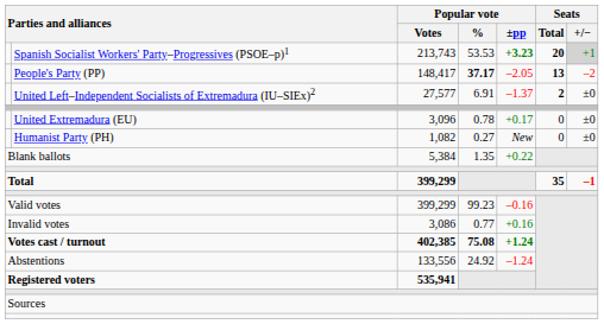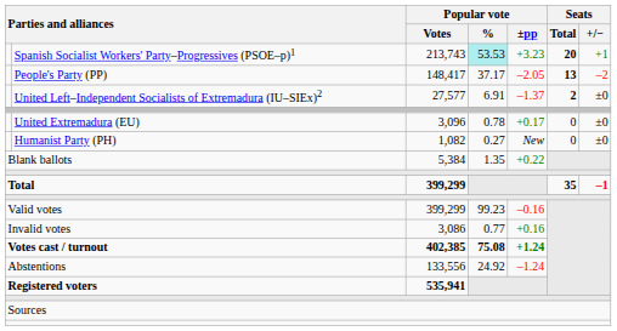 <table class="wikitable" style="text-align:right;">
 <tr>
 <th style="text-align:left;" rowspan="2" colspan="2" width="525">Parties and alliances</th>
 <th colspan="3">Popular vote</th>
 <th colspan="2">Seats</th>
 </tr>
 <tr>
 <th width="75">Votes</th>
 <th width="45">%</th>
 <th width="45">±<a href='#'>pp</a></th>
 <th width="35">Total</th>
 <th width="35">+/−</th>
 </tr>
 <tr>
 <td width="1" style="color:inherit;background:"></td>
 <td align="left"><a href='#'>Spanish Socialist Workers' Party</a>–<a href='#'>Progressives</a> (PSOE–p)<sup>1</sup></td>
 <td>213,743</td>
-<td>53.53</td>
-<td style="color:green;"><strong>+3.23</strong></td>
+<td style="background: paleturquoise;">53.53</td>
+<td style="color:green;">+3.23</td>
 <td><strong>20</strong></td>
-<td style="background: lightgrey; color:green;">+1</td>
+<td style="color:green;">+1</td>
 </tr>
 <tr>
 <td style="color:inherit;background:"></td>
 <td align="left"><a href='#'>People's Party</a> (PP)</td>
 <td>148,417</td>
-<td><strong>37.17</strong></td>
+<td>37.17</td>
 <td style="color:red;">–2.05</td>
 <td><strong>13</strong></td>
 <td style="color:red;">–2</td>
 </tr>
 <tr>
 <td style="color:inherit;background:"></td>
 <td align="left"><a href='#'>United Left</a>–<a href='#'>Independent Socialists of Extremadura</a> (IU–SIEx)<sup>2</sup></td>
 <td>27,577</td>
 <td>6.91</td>
 <td style="color:red;">–1.37</td>
 <td><strong>2</strong></td>
 <td>±0</td>
 </tr>
 <tr>
 <td colspan="7" bgcolor="#C0C0C0"></td>
 </tr>
 <tr>
 <td style="color:inherit;background:"></td>
 <td align="left"><a href='#'>United Extremadura</a> (EU)</td>
 <td>3,096</td>
 <td>0.78</td>
 <td style="color:green;">+0.17</td>
 <td>0</td>
 <td>±0</td>
 </tr>
 <tr>
 <td style="color:inherit;background:"></td>
 <td align="left"><a href='#'>Humanist Party</a> (PH)</td>
 <td>1,082</td>
 <td>0.27</td>
 <td><em>New</em></td>
 <td>0</td>
 <td>±0</td>
 </tr>
 <tr>
 <td align="left" colspan="2">Blank ballots</td>
 <td>5,384</td>
 <td>1.35</td>
 <td style="color:green;">+0.22</td>
 <td bgcolor="#E9E9E9" colspan="2"></td>
 </tr>
 <tr>
 <td colspan="7" bgcolor="#E9E9E9"></td>
 </tr>
 <tr style="font-weight:bold;">
 <td align="left" colspan="2">Total</td>
 <td>399,299</td>
 <td bgcolor="#E9E9E9" colspan="2"></td>
 <td>35</td>
 <td style="color:red;">–1</td>
 </tr>
 <tr>
 <td colspan="7" bgcolor="#E9E9E9"></td>
 </tr>
 <tr>
 <td align="left" colspan="2">Valid votes</td>
 <td>399,299</td>
 <td>99.23</td>
 <td style="color:red;">–0.16</td>
 <td bgcolor="#E9E9E9" colspan="2" rowspan="5"></td>
 </tr>
 <tr>
 <td align="left" colspan="2">Invalid votes</td>
 <td>3,086</td>
 <td>0.77</td>
 <td style="color:green;">+0.16</td>
 </tr>
 <tr style="font-weight:bold;">
 <td align="left" colspan="2">Votes cast / turnout</td>
 <td>402,385</td>
 <td>75.08</td>
 <td style="color:green;">+1.24</td>
 </tr>
 <tr>
 <td align="left" colspan="2">Abstentions</td>
 <td>133,556</td>
 <td>24.92</td>
 <td style="color:red;">–1.24</td>
 </tr>
 <tr style="font-weight:bold;">
 <td align="left" colspan="2">Registered voters</td>
 <td>535,941</td>
 <td bgcolor="#E9E9E9" colspan="2"></td>
 </tr>
 <tr>
 <td colspan="7" bgcolor="#E9E9E9"></td>
 </tr>
 <tr>
 <td align="left" colspan="7">Sources</td>
 </tr>
 <tr>
 <td colspan="7" style="text-align:left; max-width:790px;"></td>
 </tr>
 </table>
